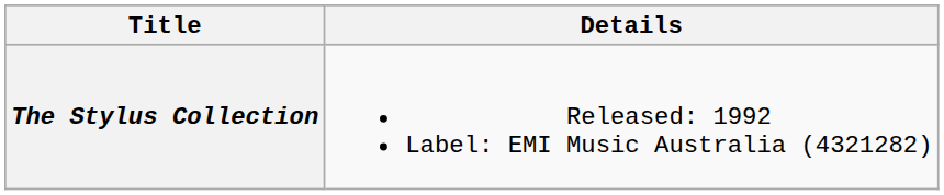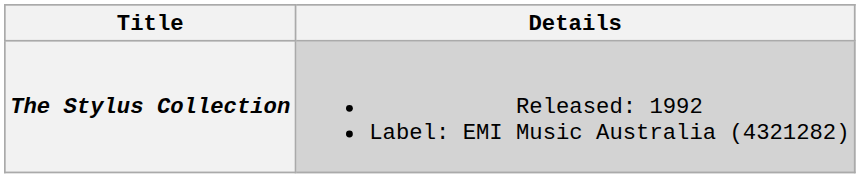 <table class="wikitable plainrowheaders" style="text-align:center">
 <tr>
 <th scope="col">Title</th>
 <th scope="col">Details</th>
 </tr>
 <tr>
 <th scope="row"><em>The Stylus Collection</em></th>
-<td><br><ul><li>Released: 1992</li><li>Label: EMI Music Australia (4321282)</li></ul></td>
+<td style="background: lightgrey;"><br><ul><li>Released: 1992</li><li>Label: EMI Music Australia (4321282)</li></ul></td>
 </tr>
 </table>
